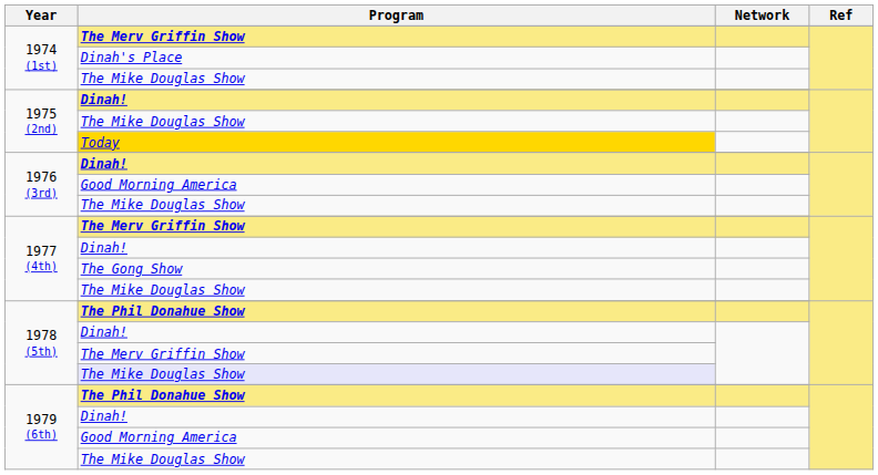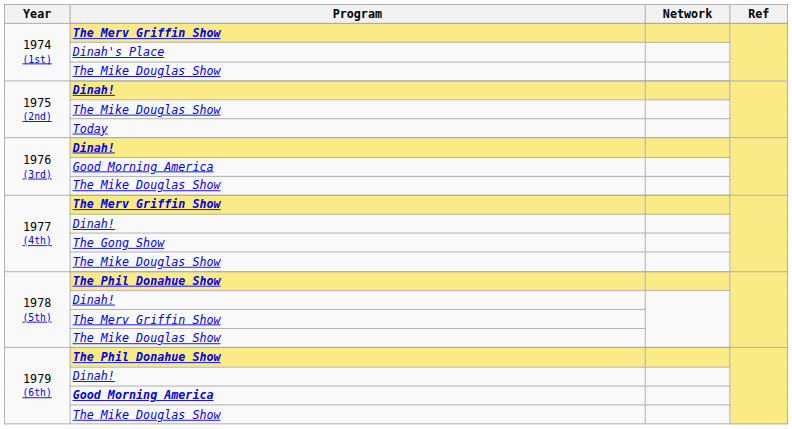 <table class="wikitable">
 <tr style="background:#bebebe;">
 <th style="width:1%;">Year</th>
 <th style="width:15%;">Program</th>
 <th style="width:1%;">Network</th>
 <th style="width:1%;">Ref</th>
 </tr>
 <tr>
 <td rowspan=4 style="text-align:center">1974 <br><small><a href='#'>(1st)</a></small></td>
 </tr>
 <tr style="background:#FAEB86">
 <td><strong><em><a href='#'>The Merv Griffin Show</a></em></strong> </td>
 <td style="background:#FAEB86"></td>
 <td rowspan=4></td>
 </tr>
 <tr>
 <td><em><a href='#'>Dinah's Place</a></em></td>
 <td></td>
 </tr>
 <tr>
 <td><em><a href='#'>The Mike Douglas Show</a></em></td>
 <td></td>
 </tr>
 <tr>
 <td rowspan=4 style="text-align:center">1975 <br><small><a href='#'>(2nd)</a></small></td>
 </tr>
 <tr style="background:#FAEB86">
 <td><strong><em><a href='#'>Dinah!</a></em></strong> </td>
 <td style="background:#FAEB86"></td>
 <td rowspan=4></td>
 </tr>
 <tr>
 <td><em><a href='#'>The Mike Douglas Show</a></em></td>
 <td></td>
 </tr>
 <tr>
-<td style="background: gold;"><em><a href='#'>Today</a></em></td>
+<td><em><a href='#'>Today</a></em></td>
 <td></td>
 </tr>
 <tr>
 <td rowspan=4 style="text-align:center">1976<br><small><a href='#'>(3rd)</a></small></td>
 </tr>
 <tr style="background:#FAEB86">
 <td><strong><em><a href='#'>Dinah!</a></em></strong> </td>
 <td style="background:#FAEB86"></td>
 <td rowspan=4></td>
 </tr>
 <tr>
 <td><em><a href='#'>Good Morning America</a></em></td>
 <td></td>
 </tr>
 <tr>
 <td><em><a href='#'>The Mike Douglas Show</a></em></td>
 <td></td>
 </tr>
 <tr>
 <td rowspan=5 style="text-align:center">1977<br><small><a href='#'>(4th)</a></small></td>
 </tr>
 <tr style="background:#FAEB86">
 <td><strong><em><a href='#'>The Merv Griffin Show</a></em></strong> </td>
 <td style="background:#FAEB86"></td>
 <td rowspan=5></td>
 </tr>
 <tr>
 <td><em><a href='#'>Dinah!</a></em></td>
 <td></td>
 </tr>
 <tr>
 <td><em><a href='#'>The Gong Show</a></em></td>
 <td></td>
 </tr>
 <tr>
 <td><em><a href='#'>The Mike Douglas Show</a></em></td>
 <td></td>
 </tr>
 <tr>
 <td rowspan=5 style="text-align:center">1978<br><small><a href='#'>(5th)</a></small></td>
 </tr>
 <tr style="background:#FAEB86">
 <td><strong><em><a href='#'>The Phil Donahue Show</a></em></strong> </td>
 <td style="background:#FAEB86"></td>
 <td rowspan=5></td>
 </tr>
 <tr>
 <td><em><a href='#'>Dinah!</a></em></td>
 <td rowspan=3></td>
 </tr>
 <tr>
 <td><em><a href='#'>The Merv Griffin Show</a></em></td>
 </tr>
 <tr>
-<td style="background: lavender;"><em><a href='#'>The Mike Douglas Show</a></em></td>
+<td><em><a href='#'>The Mike Douglas Show</a></em></td>
 </tr>
 <tr>
 <td rowspan=5 style="text-align:center">1979<br><small><a href='#'>(6th)</a></small></td>
 </tr>
 <tr style="background:#FAEB86">
 <td><strong><em><a href='#'>The Phil Donahue Show</a></em></strong> </td>
 <td style="background:#FAEB86"></td>
 <td rowspan=4></td>
 </tr>
 <tr>
 <td><em><a href='#'>Dinah!</a></em></td>
 <td></td>
 </tr>
 <tr>
-<td><em><a href='#'>Good Morning America</a></em></td>
+<td><strong><em><a href='#'>Good Morning America</a></em></strong></td>
 <td></td>
 </tr>
 <tr>
 <td><em><a href='#'>The Mike Douglas Show</a></em></td>
 <td></td>
 </tr>
 </table>
